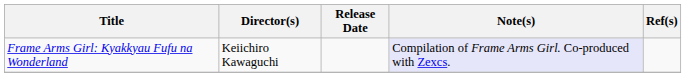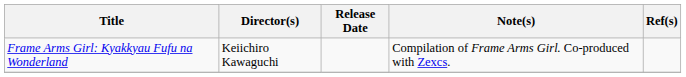 <table class="wikitable sortable">
 <tr>
 <th scope="col">Title</th>
 <th scope="col">Director(s)</th>
 <th scope="col">Release Date</th>
 <th scope="col" class="unsortable">Note(s)</th>
 <th scope="col" class="unsortable">Ref(s)</th>
 </tr>
 <tr>
 <td><em><a href='#'>Frame Arms Girl: Kyakkyau Fufu na Wonderland</a></em></td>
 <td>Keiichiro Kawaguchi</td>
 <td></td>
-<td style="background: lavender;">Compilation of <em>Frame Arms Girl.</em> Co-produced with <a href='#'>Zexcs</a>.</td>
+<td>Compilation of <em>Frame Arms Girl.</em> Co-produced with <a href='#'>Zexcs</a>.</td>
 <td style="text-align:center"></td>
 </tr>
 <tr>
 </tr>
 </table>
